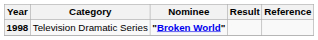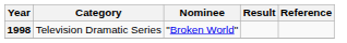 <table class="wikitable">
 <tr>
 <th scope="col">Year</th>
 <th scope="col">Category</th>
 <th scope="col">Nominee</th>
 <th scope="col">Result</th>
 <th scope="col">Reference</th>
 </tr>
 <tr>
 <th scope="row">1998</th>
 <td>Television Dramatic Series</td>
-<td><strong>"<a href='#'>Broken World</a>"</strong></td>
+<td>"<a href='#'>Broken World</a>"</td>
 <td></td>
 <td style="text-align: center"></td>
 </tr>
 <tr>
 </tr>
 </table>
